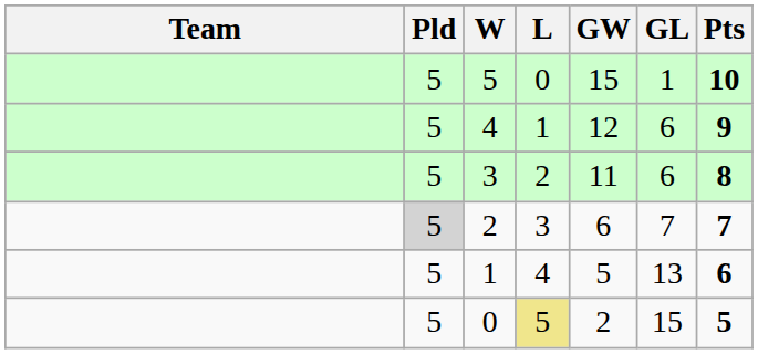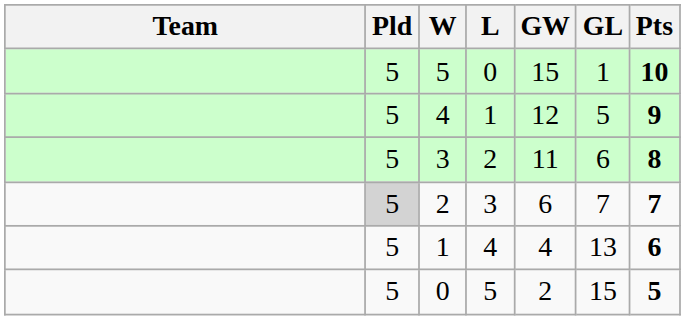 <table class="wikitable" style="text-align:center">
 <tr>
 <th width=200>Team</th>
 <th width=20>Pld</th>
 <th width=20>W</th>
 <th width=20>L</th>
 <th width=20>GW</th>
 <th width=20>GL</th>
 <th width=20>Pts</th>
 </tr>
 <tr bgcolor=ccffcc>
 <td style="text-align:left;"></td>
 <td>5</td>
 <td>5</td>
 <td>0</td>
 <td>15</td>
 <td>1</td>
 <td><strong>10</strong></td>
 </tr>
 <tr bgcolor=ccffcc>
 <td style="text-align:left;"></td>
 <td>5</td>
 <td>4</td>
 <td>1</td>
 <td>12</td>
-<td>6</td>
+<td>5</td>
 <td><strong>9</strong></td>
 </tr>
 <tr bgcolor=ccffcc>
 <td style="text-align:left;"></td>
 <td>5</td>
 <td>3</td>
 <td>2</td>
 <td>11</td>
 <td>6</td>
 <td><strong>8</strong></td>
 </tr>
 <tr>
 <td style="text-align:left;"></td>
 <td style="background: lightgrey;">5</td>
 <td>2</td>
 <td>3</td>
 <td>6</td>
 <td>7</td>
 <td><strong>7</strong></td>
 </tr>
 <tr>
 <td style="text-align:left;"></td>
 <td>5</td>
 <td>1</td>
 <td>4</td>
-<td>5</td>
+<td>4</td>
 <td>13</td>
 <td><strong>6</strong></td>
 </tr>
 <tr>
 <td style="text-align:left;"></td>
 <td>5</td>
 <td>0</td>
-<td style="background: khaki;">5</td>
+<td>5</td>
 <td>2</td>
 <td>15</td>
 <td><strong>5</strong></td>
 </tr>
 </table>
